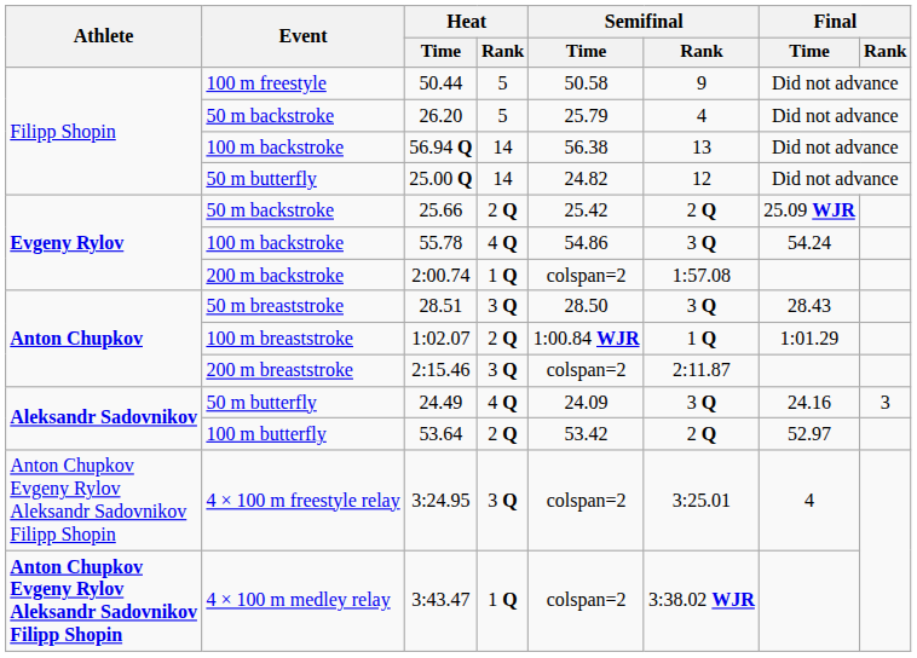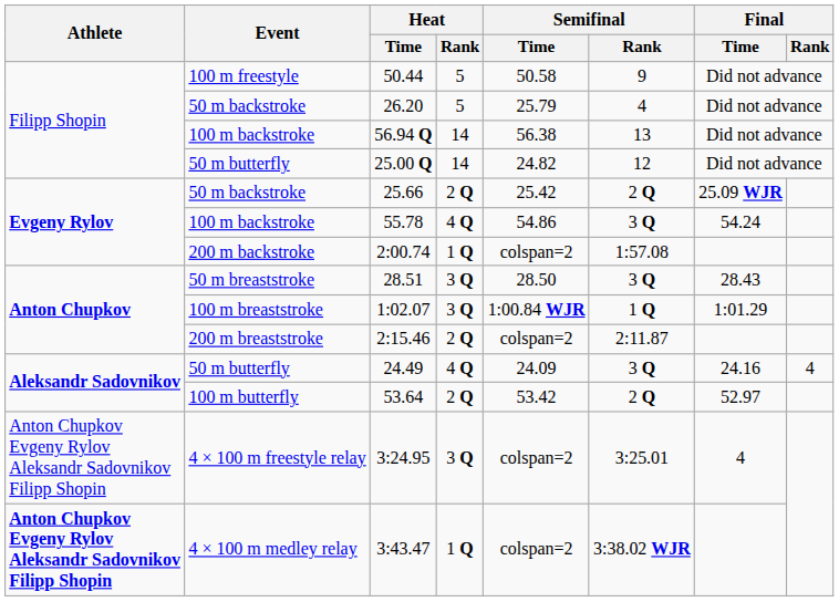 <table class=wikitable style="font-size:90%">
 <tr>
 <th rowspan=2>Athlete</th>
 <th rowspan=2>Event</th>
 <th colspan="2">Heat</th>
 <th colspan="2">Semifinal</th>
 <th colspan="2">Final</th>
 </tr>
 <tr style="font-size:95%">
 <th>Time</th>
 <th>Rank</th>
 <th>Time</th>
 <th>Rank</th>
 <th>Time</th>
 <th>Rank</th>
 </tr>
 <tr align=center>
 <td align=left rowspan=4><a href='#'>Filipp Shopin</a></td>
 <td align=left><a href='#'>100 m freestyle</a></td>
 <td>50.44</td>
 <td>5</td>
 <td>50.58</td>
 <td>9</td>
 <td colspan=2>Did not advance</td>
 </tr>
 <tr align=center>
 <td align=left><a href='#'>50 m backstroke</a></td>
 <td>26.20</td>
 <td>5</td>
 <td>25.79</td>
 <td>4</td>
 <td colspan=2>Did not advance</td>
 </tr>
 <tr align=center>
 <td align=left><a href='#'>100 m backstroke</a></td>
 <td>56.94 <strong>Q</strong></td>
 <td>14</td>
 <td>56.38</td>
 <td>13</td>
 <td colspan=2>Did not advance</td>
 </tr>
 <tr align=center>
 <td align=left><a href='#'>50 m butterfly</a></td>
 <td>25.00 <strong>Q</strong></td>
 <td>14</td>
 <td>24.82</td>
 <td>12</td>
 <td colspan=2>Did not advance</td>
 </tr>
 <tr align=center>
 <td align=left rowspan=3><strong><a href='#'>Evgeny Rylov</a></strong></td>
 <td align=left><a href='#'>50 m backstroke</a></td>
 <td>25.66</td>
 <td>2 <strong>Q</strong></td>
 <td>25.42</td>
 <td>2 <strong>Q</strong></td>
 <td>25.09 <strong><a href='#'>WJR</a></strong></td>
 <td></td>
 </tr>
 <tr align=center>
 <td align=left><a href='#'>100 m backstroke</a></td>
 <td>55.78</td>
 <td>4 <strong>Q</strong></td>
 <td>54.86</td>
 <td>3 <strong>Q</strong></td>
 <td>54.24</td>
 <td></td>
 </tr>
 <tr align=center>
 <td align=left><a href='#'>200 m backstroke</a></td>
 <td>2:00.74</td>
 <td>1 <strong>Q</strong></td>
 <td>colspan=2 </td>
 <td>1:57.08</td>
 <td></td>
 </tr>
 <tr align=center>
 <td align=left rowspan=3><strong><a href='#'>Anton Chupkov</a></strong></td>
 <td align=left><a href='#'>50 m breaststroke</a></td>
 <td>28.51</td>
 <td>3 <strong>Q</strong></td>
 <td>28.50</td>
 <td>3 <strong>Q</strong></td>
 <td>28.43</td>
 <td></td>
 </tr>
 <tr align=center>
 <td align=left><a href='#'>100 m breaststroke</a></td>
 <td>1:02.07</td>
-<td>2 <strong>Q</strong></td>
+<td>3 <strong>Q</strong></td>
 <td>1:00.84 <strong><a href='#'>WJR</a></strong></td>
 <td>1 <strong>Q</strong></td>
 <td>1:01.29</td>
 <td></td>
 </tr>
 <tr align=center>
 <td align=left><a href='#'>200 m breaststroke</a></td>
 <td>2:15.46</td>
-<td>3 <strong>Q</strong></td>
+<td>2 <strong>Q</strong></td>
 <td>colspan=2 </td>
 <td>2:11.87</td>
 <td></td>
 </tr>
 <tr align=center>
 <td align=left rowspan=2><strong><a href='#'>Aleksandr Sadovnikov</a></strong></td>
 <td align=left><a href='#'>50 m butterfly</a></td>
 <td>24.49</td>
 <td>4 <strong>Q</strong></td>
 <td>24.09</td>
 <td>3 <strong>Q</strong></td>
 <td>24.16</td>
-<td>3</td>
+<td>4</td>
 </tr>
 <tr align=center>
 <td align=left><a href='#'>100 m butterfly</a></td>
 <td>53.64</td>
 <td>2 <strong>Q</strong></td>
 <td>53.42</td>
 <td>2 <strong>Q</strong></td>
 <td>52.97</td>
 <td></td>
 </tr>
 <tr align=center>
 <td align=left><a href='#'>Anton Chupkov</a><br><a href='#'>Evgeny Rylov</a><br><a href='#'>Aleksandr Sadovnikov</a><br><a href='#'>Filipp Shopin</a></td>
 <td align=left><a href='#'>4 × 100 m freestyle relay</a></td>
 <td>3:24.95</td>
 <td>3 <strong>Q</strong></td>
 <td>colspan=2 </td>
 <td>3:25.01</td>
 <td>4</td>
 </tr>
 <tr align=center>
 <td align=left><strong><a href='#'>Anton Chupkov</a><br><a href='#'>Evgeny Rylov</a><br><a href='#'>Aleksandr Sadovnikov</a><br><a href='#'>Filipp Shopin</a></strong></td>
 <td align=left><a href='#'>4 × 100 m medley relay</a></td>
 <td>3:43.47</td>
 <td>1 <strong>Q</strong></td>
 <td>colspan=2 </td>
 <td>3:38.02 <strong><a href='#'>WJR</a></strong></td>
 <td></td>
 </tr>
 </table>
